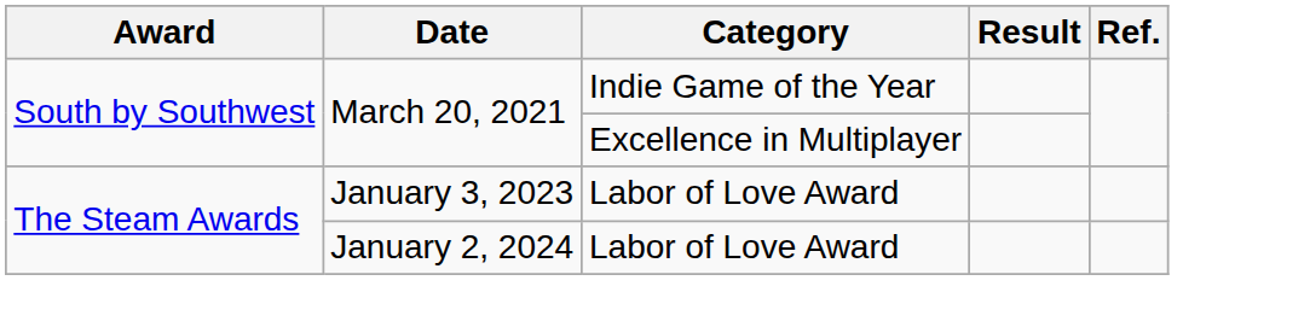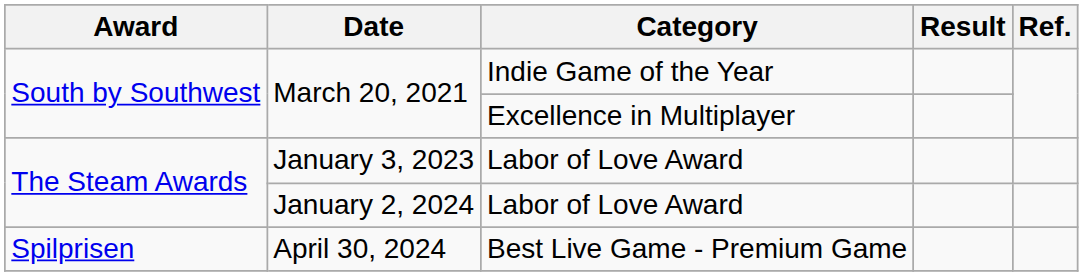 <table class="wikitable">
 <tr>
 <th>Award</th>
 <th>Date</th>
 <th>Category</th>
 <th>Result</th>
 <th>Ref.</th>
 </tr>
 <tr>
 <td rowspan="2"><a href='#'>South by Southwest</a></td>
 <td rowspan="2">March 20, 2021</td>
 <td>Indie Game of the Year</td>
 <td></td>
 <td style="text-align:center;" rowspan="2"></td>
 </tr>
 <tr>
 <td>Excellence in Multiplayer</td>
 <td></td>
 </tr>
 <tr>
 <td rowspan="2"><a href='#'>The Steam Awards</a></td>
 <td>January 3, 2023</td>
 <td>Labor of Love Award</td>
 <td></td>
 <td style="text-align:center;"></td>
 </tr>
 <tr>
 <td>January 2, 2024</td>
 <td>Labor of Love Award</td>
 <td></td>
 <td style="text-align:center;"></td>
 </tr>
+<tr>
+<td><a href='#'>Spilprisen</a></td>
+<td>April 30, 2024</td>
+<td>Best Live Game - Premium Game</td>
+<td></td>
+<td style="text-align:center;"></td>
+</tr>
 </table>
